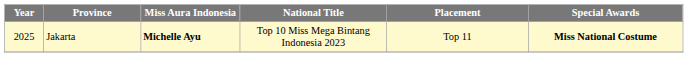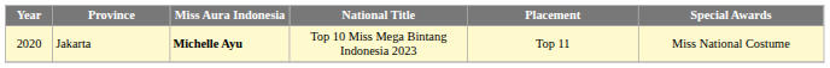 <table class="wikitable sortable" style="font-size: 83%; text-align:center">
 <tr>
 <th width="60" style="background-color:#787878;color:#FFFFFF;">Year</th>
 <th width="180" style="background-color:#787878;color:#FFFFFF;">Province</th>
 <th width="180" style="background-color:#787878;color:#FFFFFF;">Miss Aura Indonesia</th>
 <th width="300" style="background-color:#787878;color:#FFFFFF;">National Title</th>
 <th width="280" style="background-color:#787878;color:#FFFFFF;">Placement</th>
 <th width="320" style="background-color:#787878;color:#FFFFFF;">Special Awards</th>
 </tr>
 <tr style="background:#FFFACD">
-<td>2025</td>
+<td>2020</td>
 <td align="left">Jakarta</td>
 <td align="left"><strong>Michelle Ayu</strong></td>
 <td>Top 10 Miss Mega Bintang Indonesia 2023</td>
 <td>Top 11</td>
-<td><strong>Miss National Costume</strong></td>
+<td>Miss National Costume</td>
 </tr>
 <tr>
 </tr>
 </table>
